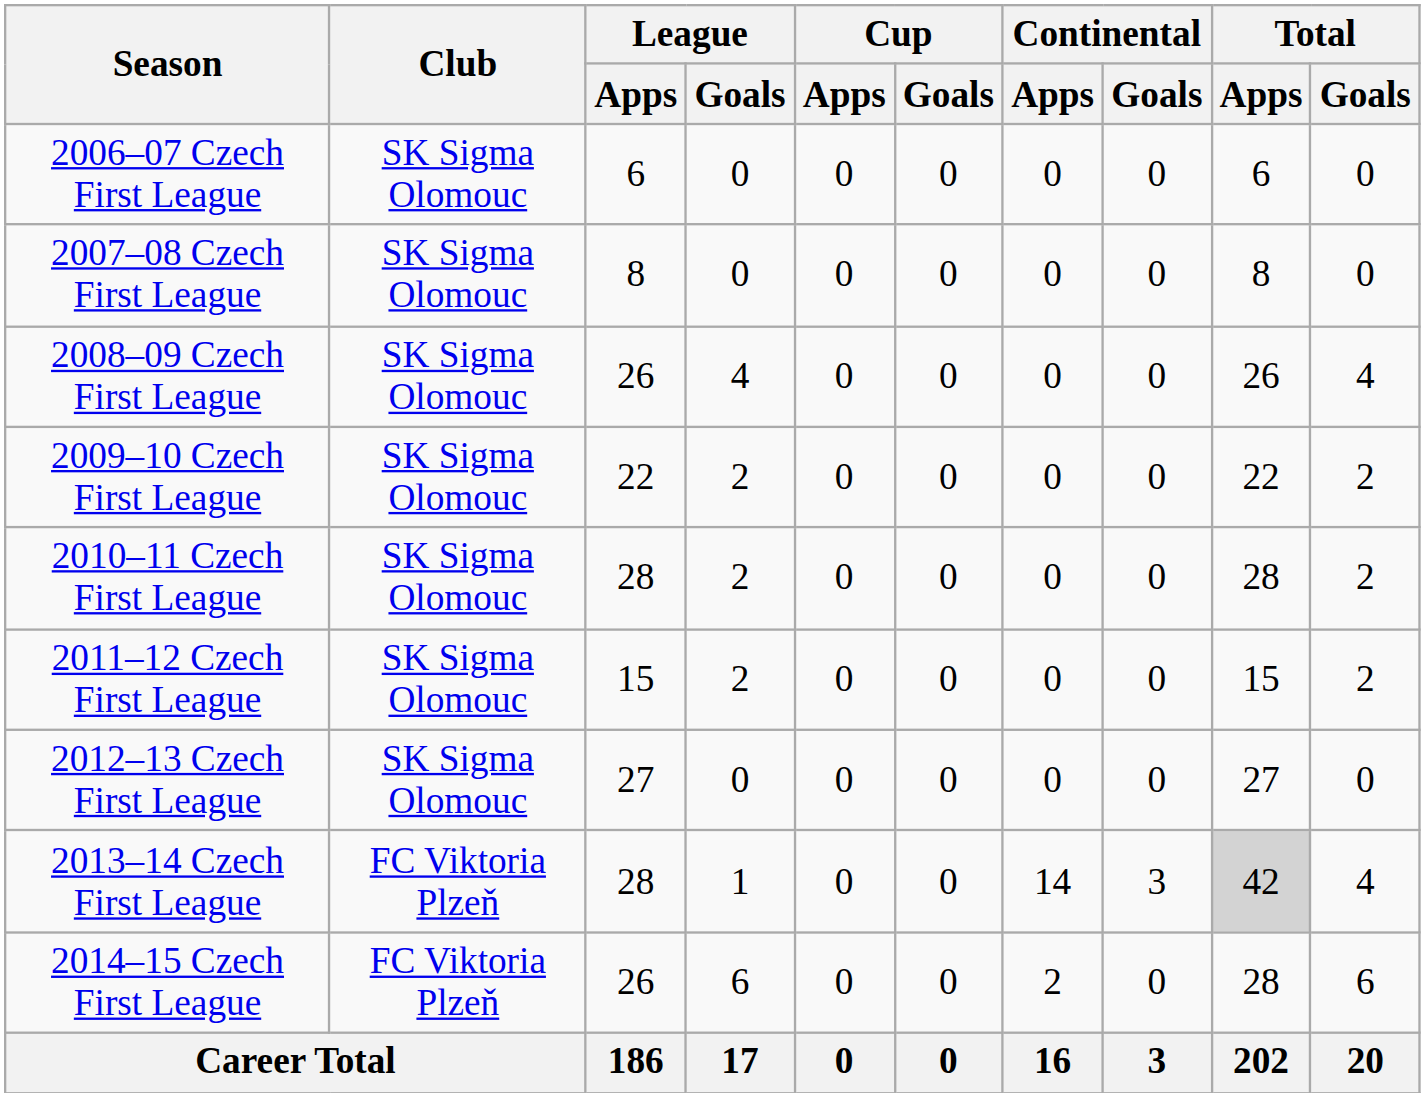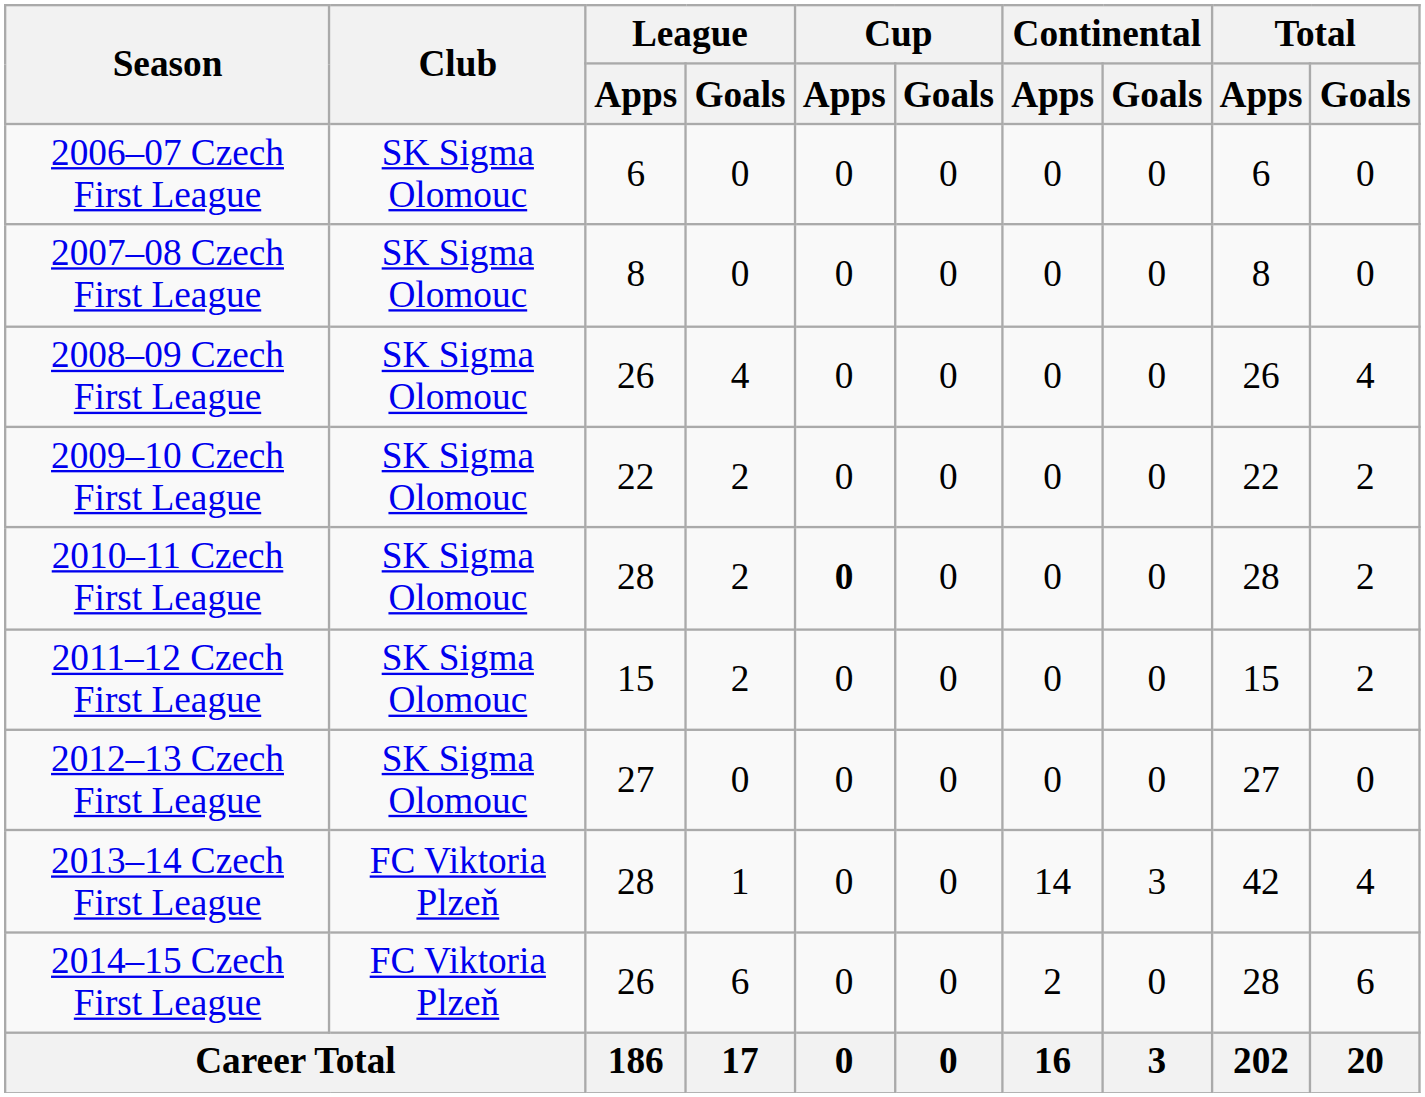 <table class="wikitable" style="text-align: center;">
 <tr>
 <th rowspan="2">Season</th>
 <th rowspan="2">Club</th>
 <th colspan="2">League</th>
 <th colspan="2">Cup</th>
 <th colspan="2">Continental</th>
 <th colspan="2">Total</th>
 </tr>
 <tr>
 <th>Apps</th>
 <th>Goals</th>
 <th>Apps</th>
 <th>Goals</th>
 <th>Apps</th>
 <th>Goals</th>
 <th>Apps</th>
 <th>Goals</th>
 </tr>
 <tr>
 <td><a href='#'>2006–07 Czech First League</a></td>
 <td><a href='#'>SK Sigma Olomouc</a></td>
 <td>6</td>
 <td>0</td>
 <td>0</td>
 <td>0</td>
 <td>0</td>
 <td>0</td>
 <td>6</td>
 <td>0</td>
 </tr>
 <tr>
 <td><a href='#'>2007–08 Czech First League</a></td>
 <td><a href='#'>SK Sigma Olomouc</a></td>
 <td>8</td>
 <td>0</td>
 <td>0</td>
 <td>0</td>
 <td>0</td>
 <td>0</td>
 <td>8</td>
 <td>0</td>
 </tr>
 <tr>
 <td><a href='#'>2008–09 Czech First League</a></td>
 <td><a href='#'>SK Sigma Olomouc</a></td>
 <td>26</td>
 <td>4</td>
 <td>0</td>
 <td>0</td>
 <td>0</td>
 <td>0</td>
 <td>26</td>
 <td>4</td>
 </tr>
 <tr>
 <td><a href='#'>2009–10 Czech First League</a></td>
 <td><a href='#'>SK Sigma Olomouc</a></td>
 <td>22</td>
 <td>2</td>
 <td>0</td>
 <td>0</td>
 <td>0</td>
 <td>0</td>
 <td>22</td>
 <td>2</td>
 </tr>
 <tr>
 <td><a href='#'>2010–11 Czech First League</a></td>
 <td><a href='#'>SK Sigma Olomouc</a></td>
 <td>28</td>
 <td>2</td>
-<td>0</td>
+<td><strong>0</strong></td>
 <td>0</td>
 <td>0</td>
 <td>0</td>
 <td>28</td>
 <td>2</td>
 </tr>
 <tr>
 <td><a href='#'>2011–12 Czech First League</a></td>
 <td><a href='#'>SK Sigma Olomouc</a></td>
 <td>15</td>
 <td>2</td>
 <td>0</td>
 <td>0</td>
 <td>0</td>
 <td>0</td>
 <td>15</td>
 <td>2</td>
 </tr>
 <tr>
 <td><a href='#'>2012–13 Czech First League</a></td>
 <td><a href='#'>SK Sigma Olomouc</a></td>
 <td>27</td>
 <td>0</td>
 <td>0</td>
 <td>0</td>
 <td>0</td>
 <td>0</td>
 <td>27</td>
 <td>0</td>
 </tr>
 <tr>
 <td><a href='#'>2013–14 Czech First League</a></td>
 <td><a href='#'>FC Viktoria Plzeň</a></td>
 <td>28</td>
 <td>1</td>
 <td>0</td>
 <td>0</td>
 <td>14</td>
 <td>3</td>
-<td style="background: lightgrey;">42</td>
+<td>42</td>
 <td>4</td>
 </tr>
 <tr>
 <td><a href='#'>2014–15 Czech First League</a></td>
 <td><a href='#'>FC Viktoria Plzeň</a></td>
 <td>26</td>
 <td>6</td>
 <td>0</td>
 <td>0</td>
 <td>2</td>
 <td>0</td>
 <td>28</td>
 <td>6</td>
 </tr>
 <tr>
 <th colspan="2.5">Career Total</th>
 <th>186</th>
 <th>17</th>
 <th>0</th>
 <th>0</th>
 <th>16</th>
 <th>3</th>
 <th>202</th>
 <th>20</th>
 </tr>
 </table>
